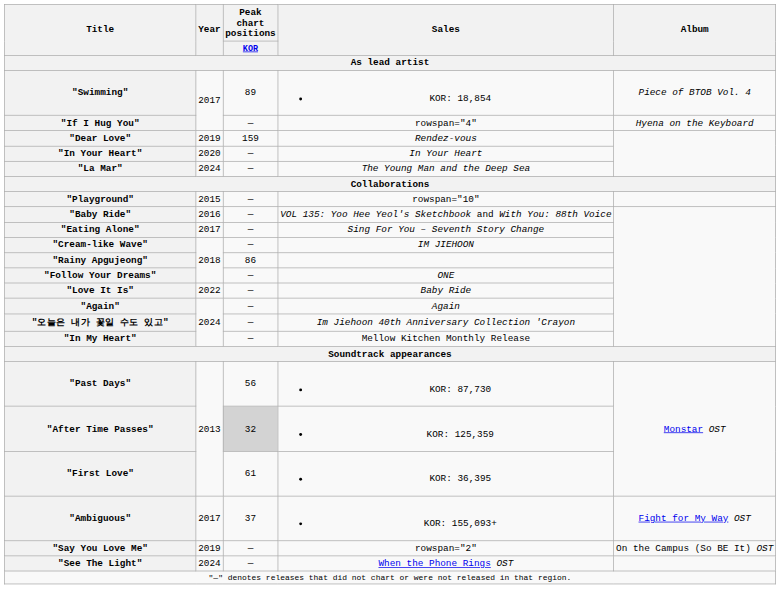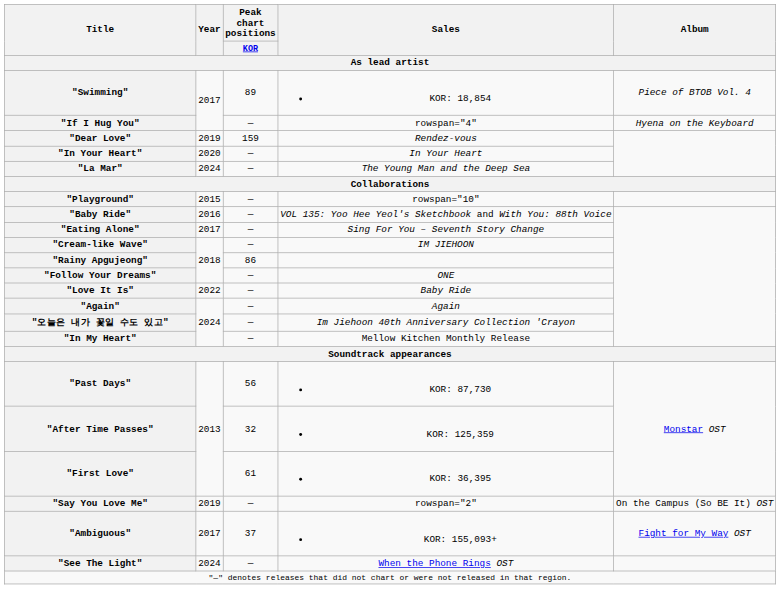 <table class="wikitable plainrowheaders" style="text-align:center">
 <tr>
 <th scope="col" rowspan="2" style="width:20em;">Title</th>
 <th scope="col" rowspan="2">Year</th>
 <th scope="col">Peak chart positions</th>
 <th scope="col" rowspan="2">Sales</th>
 <th scope="col" rowspan="2">Album</th>
 </tr>
 <tr>
 <th scope="col" style="font-size:90%; width:3em"><a href='#'>KOR</a><br></th>
 </tr>
 <tr>
 <th colspan="5">As lead artist</th>
 </tr>
 <tr>
 <th scope="row">"Swimming"</th>
 <td rowspan="2">2017</td>
 <td>89</td>
 <td><br><ul><li>KOR: 18,854</li></ul></td>
 <td><em>Piece of BTOB Vol. 4</em></td>
 </tr>
 <tr>
 <th scope="row">"If I Hug You" </th>
 <td>—</td>
 <td>rowspan="4" </td>
 <td><em>Hyena on the Keyboard</em></td>
 </tr>
 <tr>
 <th scope="row">"Dear Love"</th>
 <td>2019</td>
 <td>159</td>
 <td><em>Rendez-vous</em></td>
 </tr>
 <tr>
 <th scope="row">"In Your Heart" </th>
 <td>2020</td>
 <td>—</td>
 <td><em>In Your Heart</em></td>
 </tr>
 <tr>
 <th scope="row">"La Mar" </th>
 <td>2024</td>
 <td>—</td>
 <td><em>The Young Man and the Deep Sea</em></td>
 </tr>
 <tr>
 <th colspan="5">Collaborations</th>
 </tr>
 <tr>
 <th scope="row">"Playground"<br></th>
 <td>2015</td>
 <td>—</td>
 <td>rowspan="10" </td>
 <td></td>
 </tr>
 <tr>
 <th scope="row">"Baby Ride"<br></th>
 <td>2016</td>
 <td>—</td>
 <td><em>VOL 135: Yoo Hee Yeol's Sketchbook</em> and <em>With You: 88th Voice</em></td>
 </tr>
 <tr>
 <th scope="row">"Eating Alone" <br></th>
 <td>2017</td>
 <td>—</td>
 <td><em>Sing For You – Seventh Story Change</em></td>
 </tr>
 <tr>
 <th scope="row">"Cream-like Wave" <br> </th>
 <td rowspan="3">2018</td>
 <td>—</td>
 <td><em>IM JIEHOON</em></td>
 </tr>
 <tr>
 <th scope="row">"Rainy Apgujeong" <br></th>
 <td>86</td>
 <td></td>
 </tr>
 <tr>
 <th scope="row">"Follow Your Dreams" <br></th>
 <td>—</td>
 <td><em>ONE</em></td>
 </tr>
 <tr>
 <th scope="row">"Love It Is" <br> </th>
 <td>2022</td>
 <td>—</td>
 <td><em>Baby Ride</em></td>
 </tr>
 <tr>
 <th scope="row">"Again" <br></th>
 <td rowspan="3">2024</td>
 <td>—</td>
 <td><em>Again</em></td>
 </tr>
 <tr>
 <th scope="row">"오늘은 내가 꽃일 수도 있고"<br></th>
 <td>—</td>
 <td><em>Im Jiehoon 40th Anniversary Collection 'Crayon<strong></td>
 </tr>
 <tr>
 <th scope="row">"In My Heart" <br></th>
 <td>—</td>
 <td></em>Mellow Kitchen Monthly Release<em></td>
 </tr>
 <tr>
 <th colspan="5">Soundtrack appearances</th>
 </tr>
 <tr>
 <th scope="row">"Past Days" <br></th>
 <td rowspan="3">2013</td>
 <td>56</td>
 <td><br><ul><li>KOR: 87,730</li></ul></td>
 <td rowspan="3"></em><a href='#'>Monstar</a><em> OST</td>
 </tr>
 <tr>
 <th scope="row">"After Time Passes" <br></th>
-<td style="background: lightgrey;">32</td>
+<td>32</td>
 <td><br><ul><li>KOR: 125,359</li></ul></td>
 </tr>
 <tr>
 <th scope="row">"First Love" <br></th>
 <td>61</td>
 <td><br><ul><li>KOR: 36,395</li></ul></td>
 </tr>
 <tr>
+<th scope="row">"Say You Love Me"</th>
+<td>2019</td>
+<td>—</td>
+<td>rowspan="2" </td>
+<td></em>On the Campus (So BE It)<em> OST</td>
+</tr>
+<tr>
 <th scope="row">"Ambiguous" <br></th>
 <td>2017</td>
 <td>37</td>
 <td><br><ul><li>KOR: 155,093+</li></ul></td>
 <td></em><a href='#'>Fight for My Way</a><em> OST</td>
-</tr>
-<tr>
-<th scope="row">"Say You Love Me"</th>
-<td>2019</td>
-<td>—</td>
-<td>rowspan="2" </td>
-<td></em>On the Campus (So BE It)<em> OST</td>
 </tr>
 <tr>
 <th scope="row">"See The Light"</th>
 <td>2024</td>
 <td>—</td>
 <td></em><a href='#'>When the Phone Rings</a><em> OST</td>
 </tr>
 <tr>
 <td colspan="5" style="font-size:85%">"—" denotes releases that did not chart or were not released in that region.</td>
 </tr>
 </table>
